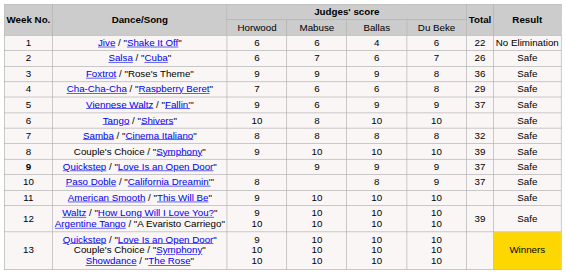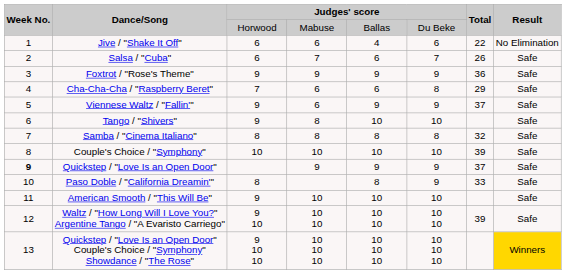 <table class="wikitable collapsible collapsed">
 <tr>
 <th rowspan="2" style="background:#ccc; text-align:Center;">Week No.</th>
 <th rowspan="2" style="background:#ccc; text-align:Center;">Dance/Song</th>
 <th colspan="4" style="background:#ccc; text-align:Center;">Judges' score</th>
 <th rowspan="2" style="background:#ccc; text-align:Center;">Total</th>
 <th rowspan="2" style="background:#ccc; text-align:Center;">Result</th>
 </tr>
 <tr style="text-align:center; background:#ccc;">
 <td style="width:10.75%; ">Horwood</td>
 <td style="width:10.75%; ">Mabuse</td>
 <td style="width:10.75%; ">Ballas</td>
 <td style="width:10.75%; ">Du Beke</td>
 </tr>
 <tr style="text-align:center; background:#faf6f6">
 <td>1</td>
 <td style="text-align:center; background:#faf6f6;"><a href='#'>Jive</a> / "<a href='#'>Shake It Off</a>"</td>
 <td style="text-align:center; background:#faf6f6;">6</td>
 <td style="text-align:center; background:#faf6f6;">6</td>
 <td style="text-align:center; background:#faf6f6;">4</td>
 <td style="text-align:center; background:#faf6f6;">6</td>
 <td style="text-align:center; background:#faf6f6;">22</td>
 <td style="text-align:center; background:#faf6f6;">No Elimination</td>
 </tr>
 <tr>
 <td style="text-align:center; background:#faf6f6;">2</td>
 <td style="text-align:center; background:#faf6f6;"><a href='#'>Salsa</a> / "<a href='#'>Cuba</a>"</td>
 <td style="text-align:center; background:#faf6f6;">6</td>
 <td style="text-align:center; background:#faf6f6;">7</td>
 <td style="text-align:center; background:#faf6f6;">6</td>
 <td style="text-align:center; background:#faf6f6;">7</td>
 <td style="text-align:center; background:#faf6f6;">26</td>
 <td style="text-align:center; background:#faf6f6;">Safe</td>
 </tr>
 <tr>
 <td style="text-align:center; background:#faf6f6;">3</td>
 <td style="text-align:center; background:#faf6f6;"><a href='#'>Foxtrot</a> / "Rose's Theme"</td>
 <td style="text-align:center; background:#faf6f6;">9</td>
 <td style="text-align:center; background:#faf6f6;">9</td>
 <td style="text-align:center; background:#faf6f6;">9</td>
-<td style="text-align:center; background:#faf6f6;">8</td>
+<td style="text-align:center; background:#faf6f6;">9</td>
 <td style="text-align:center; background:#faf6f6;">36</td>
 <td style="text-align:center; background:#faf6f6;">Safe</td>
 </tr>
 <tr>
 <td style="text-align:center; background:#faf6f6;">4</td>
 <td style="text-align:center; background:#faf6f6;"><a href='#'>Cha-Cha-Cha</a> / "<a href='#'>Raspberry Beret</a>"</td>
 <td style="text-align:center; background:#faf6f6;">7</td>
 <td style="text-align:center; background:#faf6f6;">6</td>
 <td style="text-align:center; background:#faf6f6;">6</td>
 <td style="text-align:center; background:#faf6f6;">8</td>
 <td style="text-align:center; background:#faf6f6;">29</td>
 <td style="text-align:center; background:#faf6f6;">Safe</td>
 </tr>
 <tr>
 <td style="text-align:center; background:#faf6f6;">5</td>
 <td style="text-align:center; background:#faf6f6;"><a href='#'>Viennese Waltz</a> / "<a href='#'>Fallin'</a>"</td>
 <td style="text-align:center; background:#faf6f6;">9</td>
 <td style="text-align:center; background:#faf6f6;">6</td>
 <td style="text-align:center; background:#faf6f6;">9</td>
 <td style="text-align:center; background:#faf6f6;">9</td>
 <td style="text-align:center; background:#faf6f6;">37</td>
 <td style="text-align:center; background:#faf6f6;">Safe</td>
 </tr>
 <tr>
 <td style="text-align:center; background:#faf6f6;">6</td>
 <td style="text-align:center; background:#faf6f6;"><a href='#'>Tango</a> / "<a href='#'>Shivers</a>"</td>
-<td style="text-align:center; background:#faf6f6;">10</td>
+<td style="text-align:center; background:#faf6f6;">9</td>
 <td style="text-align:center; background:#faf6f6;">8</td>
 <td style="text-align:center; background:#faf6f6;">10</td>
 <td style="text-align:center; background:#faf6f6;">10</td>
 <td style="text-align:center; background:#faf6f6;"></td>
 <td style="text-align:center; background:#faf6f6;">Safe</td>
 </tr>
 <tr>
 <td style="text-align:center; background:#faf6f6;">7</td>
 <td style="text-align:center; background:#faf6f6;"><a href='#'>Samba</a> / "<a href='#'>Cinema Italiano</a>"</td>
 <td style="text-align:center; background:#faf6f6;">8</td>
 <td style="text-align:center; background:#faf6f6;">8</td>
 <td style="text-align:center; background:#faf6f6;">8</td>
 <td style="text-align:center; background:#faf6f6;">8</td>
 <td style="text-align:center; background:#faf6f6;">32</td>
 <td style="text-align:center; background:#faf6f6;">Safe</td>
 </tr>
 <tr>
 <td style="text-align:center; background:#faf6f6;">8</td>
 <td style="text-align:center; background:#faf6f6;">Couple's Choice / "<a href='#'>Symphony</a>"</td>
-<td style="text-align:center; background:#faf6f6;">9</td>
+<td style="text-align:center; background:#faf6f6;">10</td>
 <td style="text-align:center; background:#faf6f6;">10</td>
 <td style="text-align:center; background:#faf6f6;">10</td>
 <td style="text-align:center; background:#faf6f6;">10</td>
 <td style="text-align:center; background:#faf6f6;">39</td>
 <td style="text-align:center; background:#faf6f6;">Safe</td>
 </tr>
 <tr>
 <td style="text-align:center; background:#faf6f6;"><strong>9</strong></td>
 <td style="text-align:center; background:#faf6f6;"><a href='#'>Quickstep</a> / "<a href='#'>Love Is an Open Door</a>"</td>
 <td style="text-align:center; background:#faf6f6;"></td>
 <td style="text-align:center; background:#faf6f6;">9</td>
 <td style="text-align:center; background:#faf6f6;">9</td>
 <td style="text-align:center; background:#faf6f6;">9</td>
 <td style="text-align:center; background:#faf6f6;">37</td>
 <td style="text-align:center; background:#faf6f6;">Safe</td>
 </tr>
 <tr>
 <td style="text-align:center; background:#faf6f6;">10</td>
 <td style="text-align:center; background:#faf6f6;"><a href='#'>Paso Doble</a> / "<a href='#'>California Dreamin'</a>"</td>
 <td style="text-align:center; background:#faf6f6;">8</td>
 <td style="text-align:center; background:#faf6f6;"></td>
 <td style="text-align:center; background:#faf6f6;">8</td>
 <td style="text-align:center; background:#faf6f6;">9</td>
-<td style="text-align:center; background:#faf6f6;">37</td>
+<td style="text-align:center; background:#faf6f6;">33</td>
 <td style="text-align:center; background:#faf6f6;">Safe</td>
 </tr>
 <tr>
 <td style="text-align:center; background:#faf6f6;">11</td>
 <td style="text-align:center; background:#faf6f6;"><a href='#'>American Smooth</a> / "<a href='#'>This Will Be</a>"</td>
 <td style="text-align:center; background:#faf6f6;">9</td>
 <td style="text-align:center; background:#faf6f6;">10</td>
 <td style="text-align:center; background:#faf6f6;">10</td>
 <td style="text-align:center; background:#faf6f6;">10</td>
 <td style="text-align:center; background:#faf6f6;"></td>
 <td style="text-align:center; background:#faf6f6;">Safe</td>
 </tr>
 <tr>
 <td style="text-align:center; background:#faf6f6;">12</td>
 <td style="text-align:center; background:#faf6f6;"><a href='#'>Waltz</a> / "<a href='#'>How Long Will I Love You?</a>"<br><a href='#'>Argentine Tango</a> / "A Evaristo Carriego"</td>
 <td style="text-align:center; background:#faf6f6;">9<br>10</td>
 <td style="text-align:center; background:#faf6f6;">10<br>10</td>
 <td style="text-align:center; background:#faf6f6;">10<br>10</td>
 <td style="text-align:center; background:#faf6f6;">10<br>10</td>
 <td style="text-align:center; background:#faf6f6;">39<br></td>
 <td style="text-align:center; background:#faf6f6;">Safe</td>
 </tr>
 <tr>
 <td style="text-align:center; background:#faf6f6;">13</td>
 <td style="text-align:center; background:#faf6f6;"><a href='#'>Quickstep</a> / "<a href='#'>Love Is an Open Door</a>"<br>Couple's Choice / "<a href='#'>Symphony</a>"<br><a href='#'>Showdance</a> / "<a href='#'>The Rose</a>"</td>
 <td style="text-align:center; background:#faf6f6;">9<br>10<br>10</td>
 <td style="text-align:center; background:#faf6f6;">10<br>10<br>10</td>
 <td style="text-align:center; background:#faf6f6;">10<br>10<br>10</td>
 <td style="text-align:center; background:#faf6f6;">10<br>10<br>10</td>
 <td style="text-align:center; background:#faf6f6;"><br><br></td>
 <td style="text-align:center; background:gold;">Winners</td>
 </tr>
 </table>
